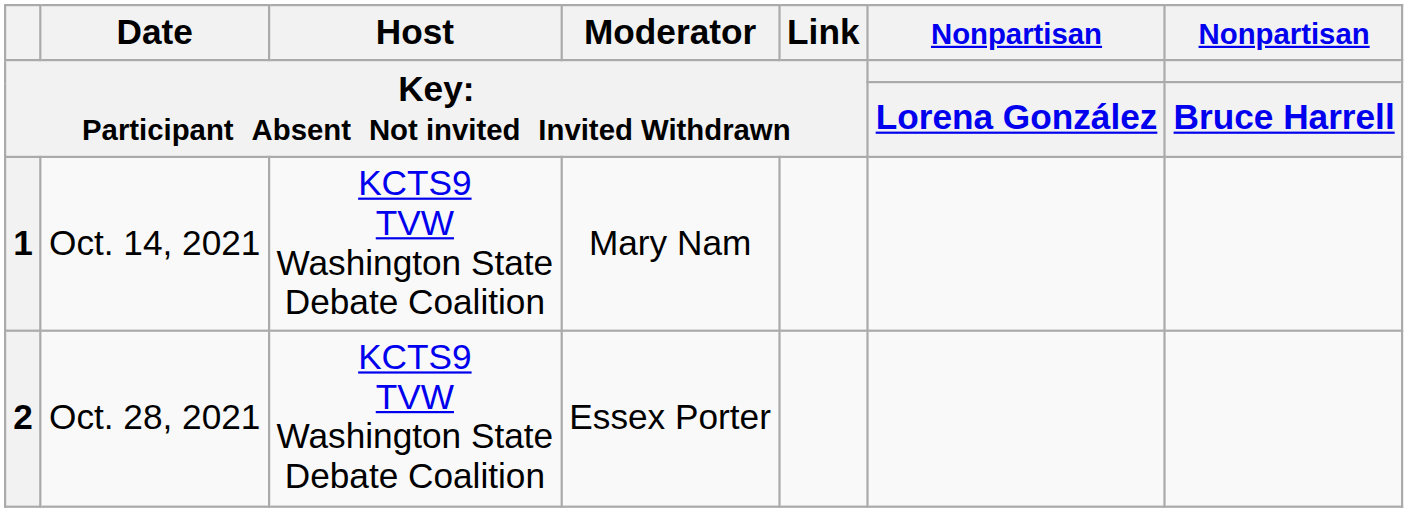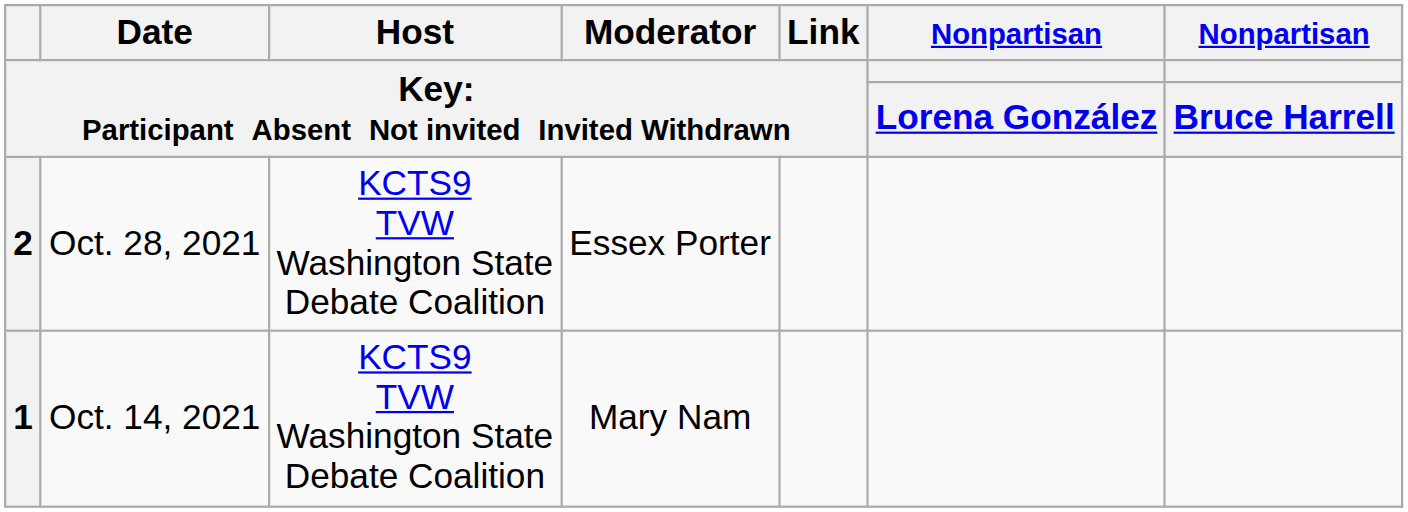 <table class="wikitable" style="text-align:center;">
 <tr>
 <th scope="col"></th>
 <th scope="col">Date</th>
 <th scope="col">Host</th>
 <th scope="col">Moderator</th>
 <th scope="col">Link</th>
 <th scope="col"><small><a href='#'>Nonpartisan</a></small></th>
 <th scope="col"><small><a href='#'>Nonpartisan</a></small></th>
 </tr>
 <tr>
 <th colspan="5" rowspan="2">Key:<br> <small>Participant </small>  <small>Absent </small>  <small>Not invited </small>  <small>Invited  Withdrawn</small></th>
 <th scope="col" style="background:"></th>
 <th scope="col" style="background:"></th>
 </tr>
 <tr>
 <th scope="col"><a href='#'>Lorena González</a></th>
 <th scope="col"><a href='#'>Bruce Harrell</a></th>
 </tr>
 <tr>
+<th>2</th>
+<td style="white-space:nowrap;">Oct. 28, 2021</td>
+<td style="white-space:nowrap;"><a href='#'>KCTS9</a><br><a href='#'>TVW</a><br>Washington State<br>Debate Coalition</td>
+<td style="white-space:nowrap;">Essex Porter</td>
+<td style="white-space:nowrap;"></td>
+<td></td>
+<td></td>
+</tr>
+<tr>
 <th>1</th>
 <td style="white-space:nowrap;">Oct. 14, 2021</td>
 <td style="white-space:nowrap;"><a href='#'>KCTS9</a><br><a href='#'>TVW</a><br>Washington State<br>Debate Coalition</td>
 <td style="white-space:nowrap;">Mary Nam</td>
 <td style="white-space:nowrap;"></td>
 <td></td>
 <td></td>
 </tr>
-<tr>
-<th>2</th>
-<td style="white-space:nowrap;">Oct. 28, 2021</td>
-<td style="white-space:nowrap;"><a href='#'>KCTS9</a><br><a href='#'>TVW</a><br>Washington State<br>Debate Coalition</td>
-<td style="white-space:nowrap;">Essex Porter</td>
-<td style="white-space:nowrap;"></td>
-<td></td>
-<td></td>
-</tr>
 </table>
